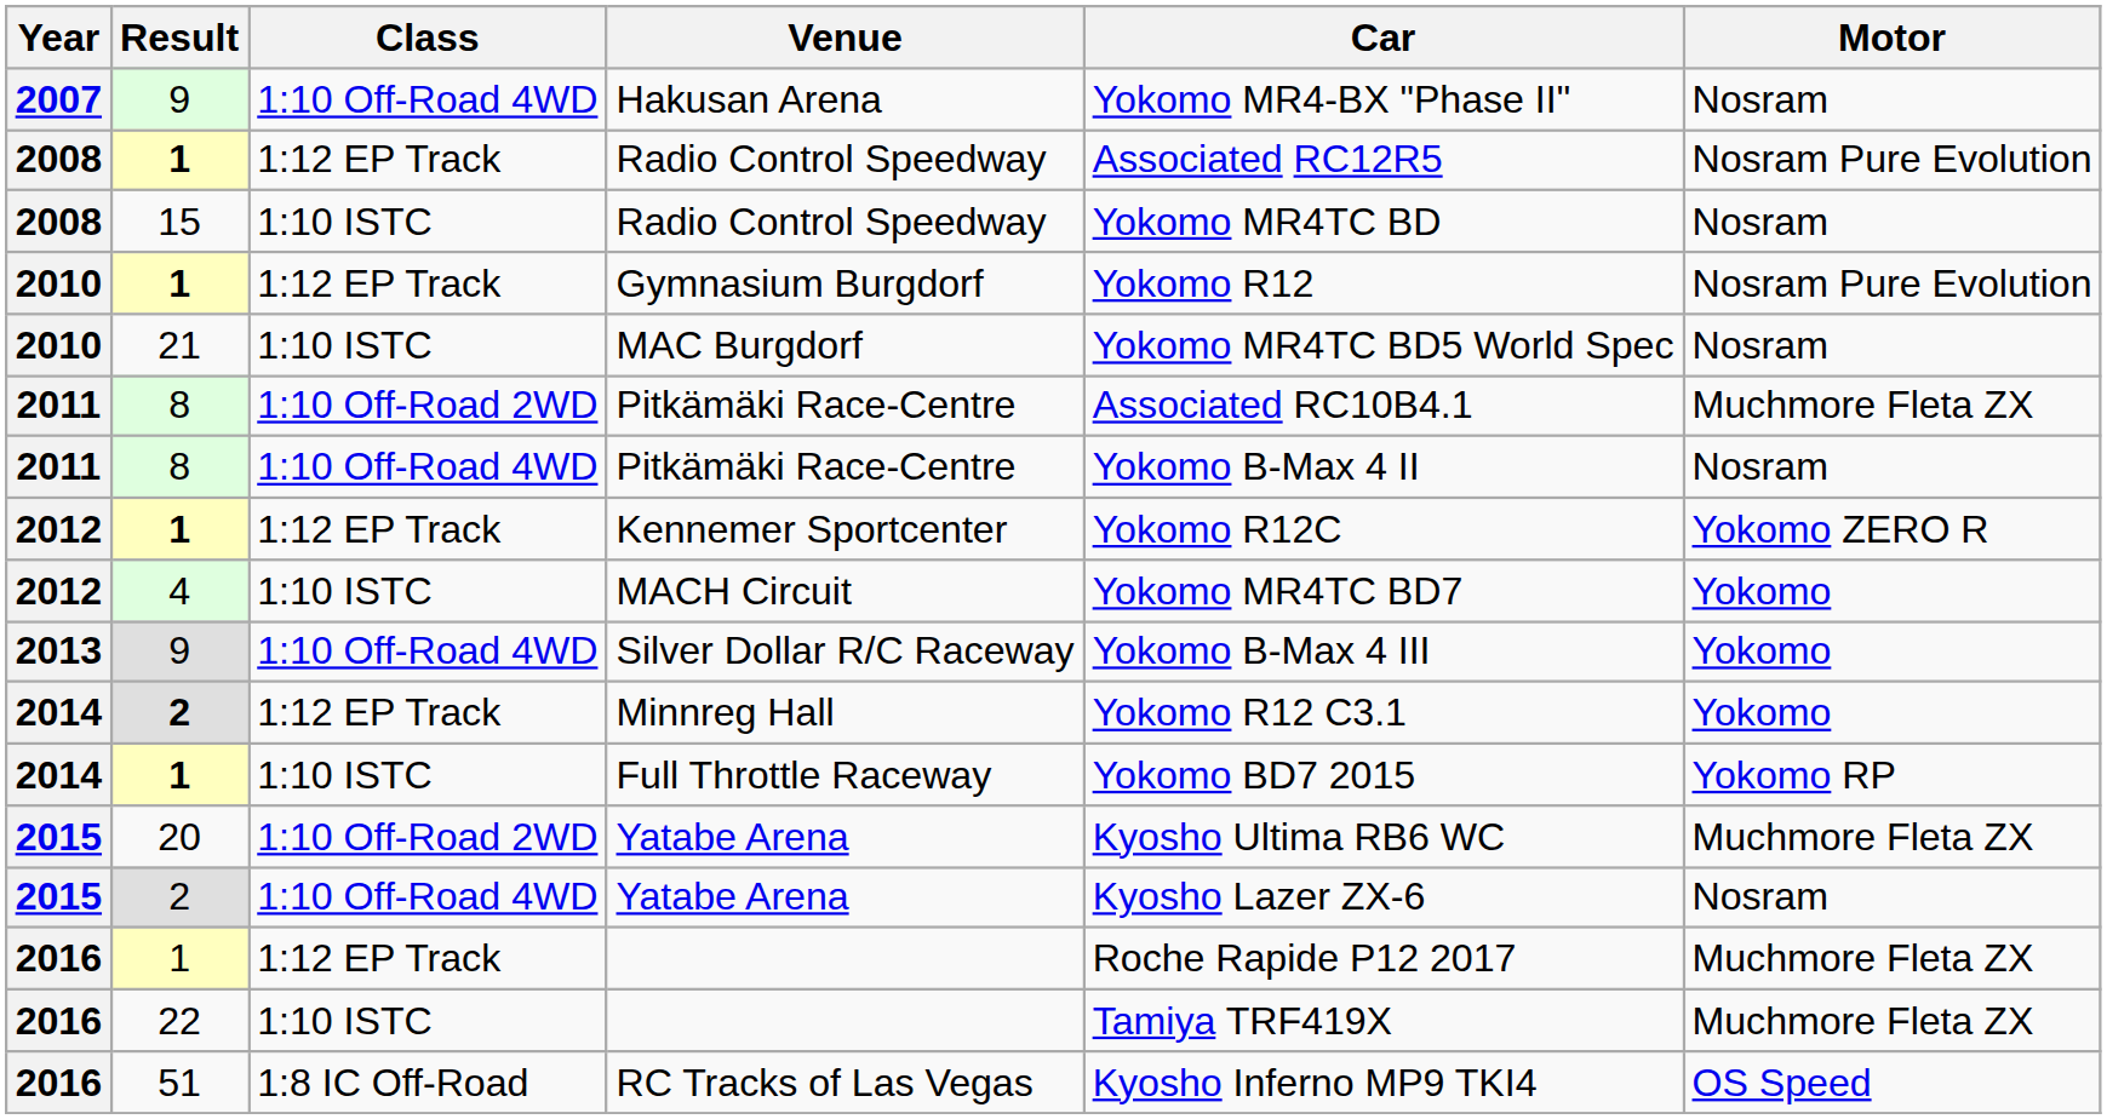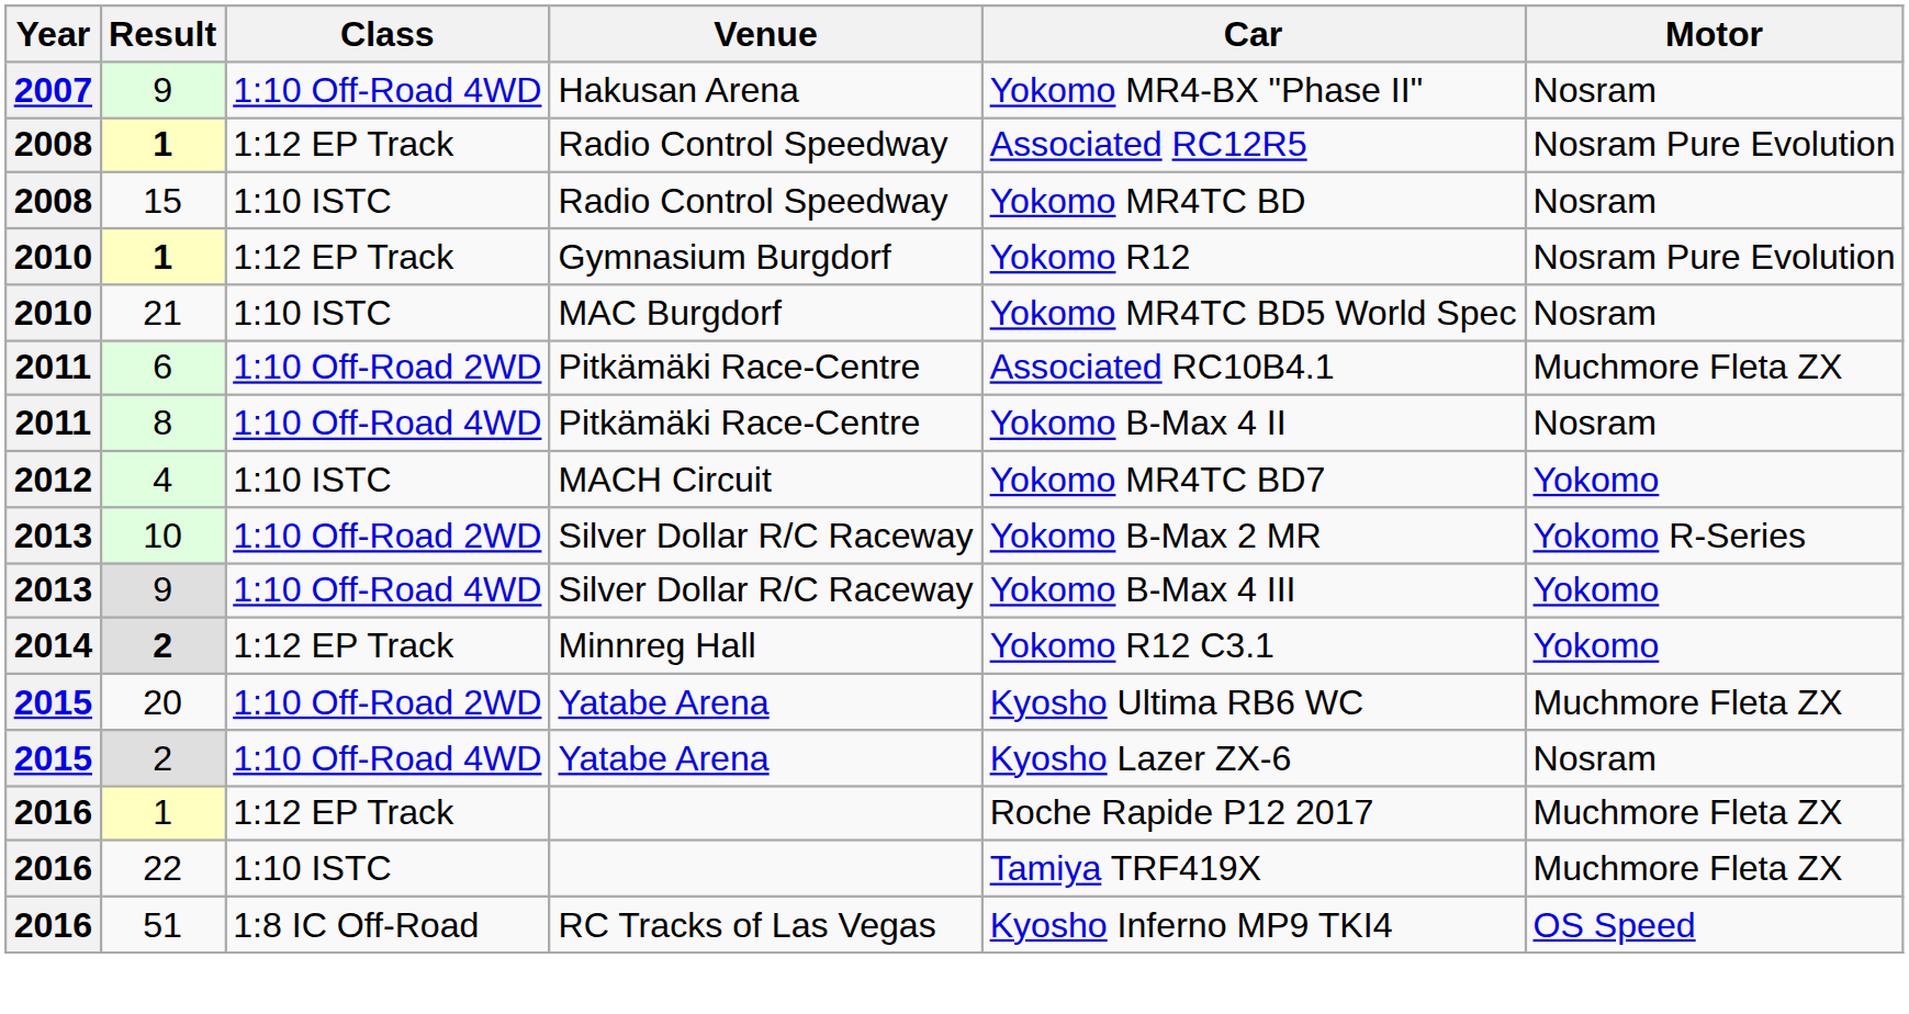 <table class="wikitable" style="font-size: 90%">
 <tr>
 <th>Year</th>
 <th>Result</th>
 <th>Class</th>
 <th>Venue</th>
 <th>Car</th>
 <th>Motor</th>
 </tr>
 <tr>
 <th><a href='#'>2007</a></th>
 <td align=center style="background:#DFFFDF;">9</td>
 <td><a href='#'>1:10 Off-Road 4WD</a></td>
 <td> Hakusan Arena</td>
 <td><a href='#'>Yokomo</a> MR4-BX "Phase II"</td>
 <td>Nosram</td>
 </tr>
 <tr>
 <th>2008</th>
 <td align=center style="background:#FFFFBF;"><strong>1</strong></td>
 <td>1:12 EP Track</td>
 <td> Radio Control Speedway</td>
 <td><a href='#'>Associated</a> <a href='#'>RC12R5</a></td>
 <td>Nosram Pure Evolution</td>
 </tr>
 <tr>
 <th>2008</th>
 <td align=center >15</td>
 <td>1:10 ISTC</td>
 <td> Radio Control Speedway</td>
 <td><a href='#'>Yokomo</a> MR4TC BD</td>
 <td>Nosram</td>
 </tr>
 <tr>
 <th>2010</th>
 <td align=center style="background:#FFFFBF;"><strong>1</strong></td>
 <td>1:12 EP Track</td>
 <td> Gymnasium Burgdorf</td>
 <td><a href='#'>Yokomo</a> R12</td>
 <td>Nosram Pure Evolution</td>
 </tr>
 <tr>
 <th>2010</th>
 <td align=center >21</td>
 <td>1:10 ISTC</td>
 <td> MAC Burgdorf</td>
 <td><a href='#'>Yokomo</a> MR4TC BD5 World Spec</td>
 <td>Nosram</td>
 </tr>
 <tr>
 <th>2011</th>
-<td align=center style="background:#DFFFDF;">8</td>
+<td align=center style="background:#DFFFDF;">6</td>
 <td><a href='#'>1:10 Off-Road 2WD</a></td>
 <td> Pitkämäki Race-Centre</td>
 <td><a href='#'>Associated</a> RC10B4.1</td>
 <td>Muchmore Fleta ZX</td>
 </tr>
 <tr>
 <th>2011</th>
 <td align=center style="background:#DFFFDF;">8</td>
 <td><a href='#'>1:10 Off-Road 4WD</a></td>
 <td> Pitkämäki Race-Centre</td>
 <td><a href='#'>Yokomo</a> B-Max 4 II</td>
 <td>Nosram</td>
 </tr>
 <tr>
 <th>2012</th>
-<td align=center style="background:#FFFFBF;"><strong>1</strong></td>
-<td>1:12 EP Track</td>
-<td> Kennemer Sportcenter</td>
-<td><a href='#'>Yokomo</a> R12C</td>
-<td><a href='#'>Yokomo</a> ZERO R</td>
-</tr>
-<tr>
-<th>2012</th>
 <td align=center style="background:#DFFFDF;">4</td>
 <td>1:10 ISTC</td>
 <td> MACH Circuit</td>
 <td><a href='#'>Yokomo</a> MR4TC BD7</td>
 <td><a href='#'>Yokomo</a></td>
+</tr>
+<tr>
+<th>2013</th>
+<td align=center style="background:#DFFFDF;">10</td>
+<td><a href='#'>1:10 Off-Road 2WD</a></td>
+<td> Silver Dollar R/C Raceway</td>
+<td><a href='#'>Yokomo</a> B-Max 2 MR</td>
+<td><a href='#'>Yokomo</a> R-Series</td>
 </tr>
 <tr>
 <th>2013</th>
 <td align=center style="background:#DFDFDF;">9</td>
 <td><a href='#'>1:10 Off-Road 4WD</a></td>
 <td> Silver Dollar R/C Raceway</td>
 <td><a href='#'>Yokomo</a> B-Max 4 III</td>
 <td><a href='#'>Yokomo</a></td>
 </tr>
 <tr>
 <th>2014</th>
 <td align=center style="background:#DFDFDF;"><strong>2</strong></td>
 <td>1:12 EP Track</td>
 <td> Minnreg Hall</td>
 <td><a href='#'>Yokomo</a> R12 C3.1</td>
 <td><a href='#'>Yokomo</a></td>
-</tr>
-<tr>
-<th>2014</th>
-<td align=center style="background:#FFFFBF;"><strong>1</strong></td>
-<td>1:10 ISTC</td>
-<td> Full Throttle Raceway</td>
-<td><a href='#'>Yokomo</a> BD7 2015</td>
-<td><a href='#'>Yokomo</a> RP</td>
 </tr>
 <tr>
 <th><a href='#'>2015</a></th>
 <td align=center style="background:#">20</td>
 <td><a href='#'>1:10 Off-Road 2WD</a></td>
 <td> <a href='#'>Yatabe Arena</a></td>
 <td><a href='#'>Kyosho</a> Ultima RB6 WC</td>
 <td>Muchmore Fleta ZX</td>
 </tr>
 <tr>
 <th><a href='#'>2015</a></th>
 <td align=center style="background:#DFDFDF;">2</td>
 <td><a href='#'>1:10 Off-Road 4WD</a></td>
 <td> <a href='#'>Yatabe Arena</a></td>
 <td><a href='#'>Kyosho</a> Lazer ZX-6</td>
 <td>Nosram</td>
 </tr>
 <tr>
 <th>2016</th>
 <td style="background:#FFFFBF;" align="center">1</td>
 <td>1:12 EP Track</td>
 <td> </td>
 <td>Roche Rapide P12 2017</td>
 <td>Muchmore Fleta ZX</td>
 </tr>
 <tr>
 <th>2016</th>
 <td align=center style="background:">22</td>
 <td>1:10 ISTC</td>
 <td> </td>
 <td><a href='#'>Tamiya</a> TRF419X</td>
 <td>Muchmore Fleta ZX</td>
 </tr>
 <tr>
 <th>2016</th>
 <td align=center style="background:">51</td>
 <td>1:8 IC Off-Road</td>
 <td> RC Tracks of Las Vegas</td>
 <td><a href='#'>Kyosho</a> Inferno MP9 TKI4</td>
 <td><a href='#'>OS Speed</a></td>
 </tr>
 <tr>
 </tr>
 </table>
